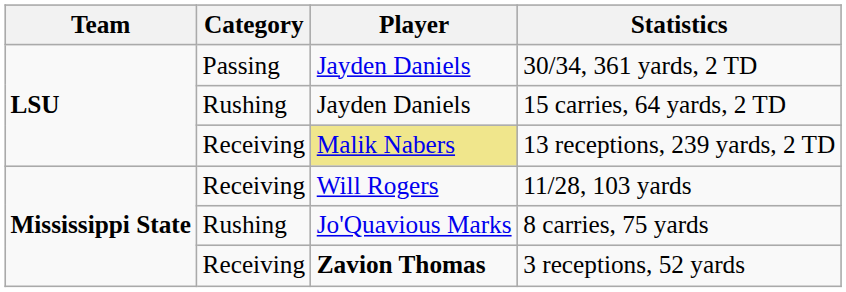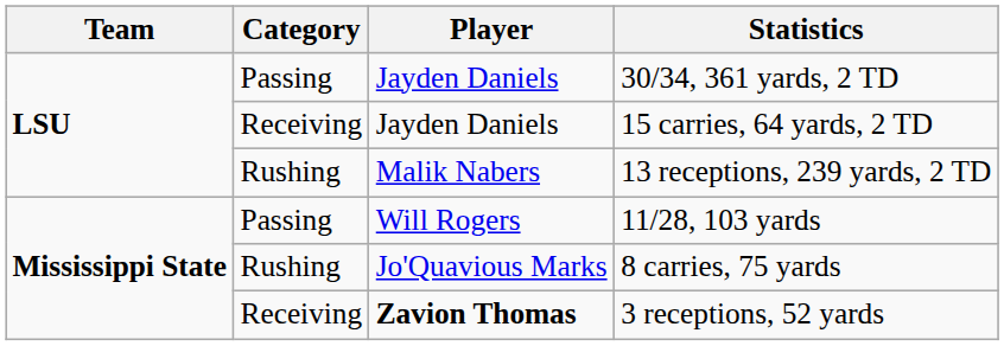 <table class="wikitable" style="float: right;">
 <tr>
 <th>Team</th>
 <th>Category</th>
 <th>Player</th>
 <th>Statistics</th>
 </tr>
 <tr>
 <td rowspan=3><strong>LSU</strong></td>
 <td>Passing</td>
 <td><a href='#'>Jayden Daniels</a></td>
 <td>30/34, 361 yards, 2 TD</td>
 </tr>
 <tr>
-<td>Rushing</td>
+<td>Receiving</td>
 <td>Jayden Daniels</td>
 <td>15 carries, 64 yards, 2 TD</td>
 </tr>
 <tr>
-<td>Receiving</td>
-<td style="background: khaki;"><a href='#'>Malik Nabers</a></td>
+<td>Rushing</td>
+<td><a href='#'>Malik Nabers</a></td>
 <td>13 receptions, 239 yards, 2 TD</td>
 </tr>
 <tr>
 <td rowspan=3><strong>Mississippi State</strong></td>
-<td>Receiving</td>
+<td>Passing</td>
 <td><a href='#'>Will Rogers</a></td>
 <td>11/28, 103 yards</td>
 </tr>
 <tr>
 <td>Rushing</td>
 <td><a href='#'>Jo'Quavious Marks</a></td>
 <td>8 carries, 75 yards</td>
 </tr>
 <tr>
 <td>Receiving</td>
 <td><strong>Zavion Thomas</strong></td>
 <td>3 receptions, 52 yards</td>
 </tr>
 </table>
